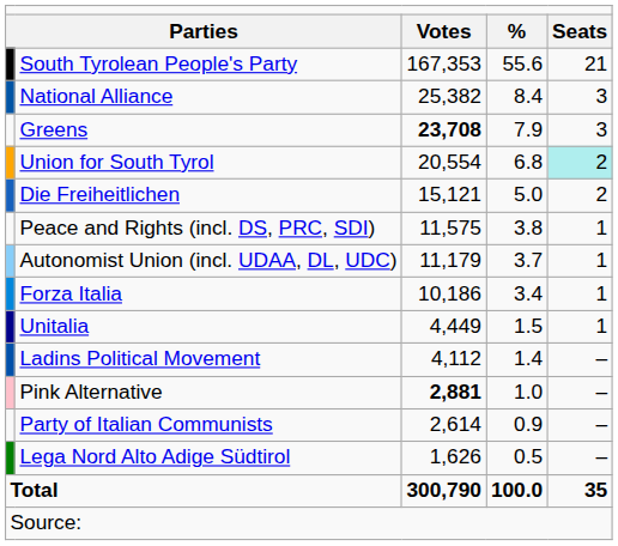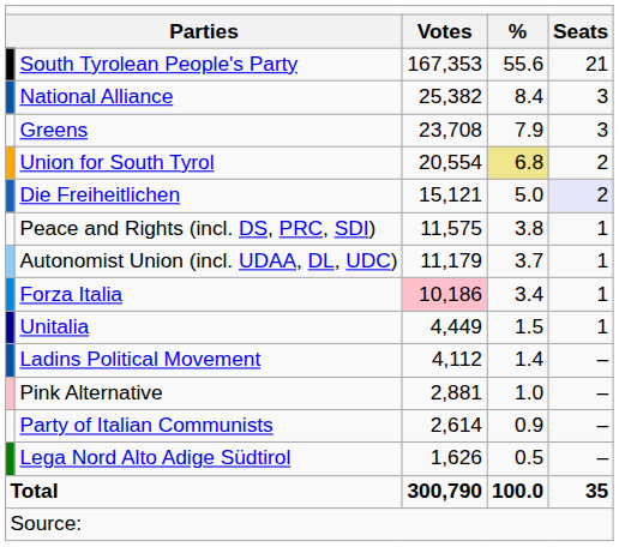 <table class="wikitable">
 <tr>
 <td colspan=5></td>
 </tr>
 <tr>
 <th colspan=2>Parties</th>
 <th>Votes</th>
 <th>%</th>
 <th>Seats</th>
 </tr>
 <tr>
 <td style="background-color:black"></td>
 <td><a href='#'>South Tyrolean People's Party</a></td>
 <td align=right>167,353</td>
 <td align=right>55.6</td>
 <td align=right>21</td>
 </tr>
 <tr>
 <td style="background-color:#0054A5"></td>
 <td><a href='#'>National Alliance</a></td>
 <td align=right>25,382</td>
 <td align=right>8.4</td>
 <td align=right>3</td>
 </tr>
 <tr>
 <td style="background-color:"></td>
 <td><a href='#'>Greens</a></td>
-<td align=right><strong>23,708</strong></td>
+<td align=right>23,708</td>
 <td align=right>7.9</td>
 <td align=right>3</td>
 </tr>
 <tr>
 <td style="background-color:#FFA700"></td>
 <td><a href='#'>Union for South Tyrol</a></td>
 <td align=right>20,554</td>
-<td align=right>6.8</td>
-<td align=right style="background: paleturquoise;">2</td>
+<td align=right style="background: khaki;">6.8</td>
+<td align=right>2</td>
 </tr>
 <tr>
 <td style="background-color:#1560BD"></td>
 <td><a href='#'>Die Freiheitlichen</a></td>
 <td align=right>15,121</td>
 <td align=right>5.0</td>
-<td align=right>2</td>
+<td align=right style="background: lavender;">2</td>
 </tr>
 <tr>
 <td style="background-color:"></td>
 <td>Peace and Rights (incl. <a href='#'>DS</a>, <a href='#'>PRC</a>, <a href='#'>SDI</a>)</td>
 <td align=right>11,575</td>
 <td align=right>3.8</td>
 <td align=right>1</td>
 </tr>
 <tr>
 <td style="background-color:lightskyblue"></td>
 <td>Autonomist Union (incl. <a href='#'>UDAA</a>, <a href='#'>DL</a>, <a href='#'>UDC</a>)</td>
 <td align=right>11,179</td>
 <td align=right>3.7</td>
 <td align=right>1</td>
 </tr>
 <tr>
 <td style="background-color:#0087DC"></td>
 <td><a href='#'>Forza Italia</a></td>
-<td align=right>10,186</td>
+<td align=right style="background: pink;">10,186</td>
 <td align=right>3.4</td>
 <td align=right>1</td>
 </tr>
 <tr>
 <td style="background-color:darkblue"></td>
 <td><a href='#'>Unitalia</a></td>
 <td align=right>4,449</td>
 <td align=right>1.5</td>
 <td align=right>1</td>
 </tr>
 <tr>
 <td style="background-color:#0050AA"></td>
 <td><a href='#'>Ladins Political Movement</a></td>
 <td align=right>4,112</td>
 <td align=right>1.4</td>
 <td align=right>–</td>
 </tr>
 <tr>
 <td style="background-color:pink"></td>
 <td>Pink Alternative</td>
-<td align=right><strong>2,881</strong></td>
+<td align=right>2,881</td>
 <td align=right>1.0</td>
 <td align=right>–</td>
 </tr>
 <tr>
 <td style="background-color:"></td>
 <td><a href='#'>Party of Italian Communists</a></td>
 <td align=right>2,614</td>
 <td align=right>0.9</td>
 <td align=right>–</td>
 </tr>
 <tr>
 <td style="background-color:#008000"></td>
 <td><a href='#'>Lega Nord Alto Adige Südtirol</a></td>
 <td align=right>1,626</td>
 <td align=right>0.5</td>
 <td align=right>–</td>
 </tr>
 <tr>
 <td colspan=2><strong>Total</strong></td>
 <td align=right><strong>300,790</strong></td>
 <td align=right><strong>100.0</strong></td>
 <td align=right><strong>35</strong></td>
 </tr>
 <tr>
 <td colspan=5>Source: </td>
 </tr>
 </table>
